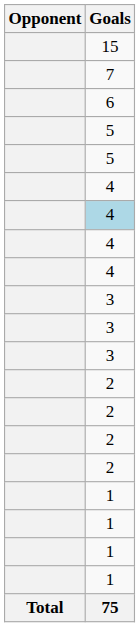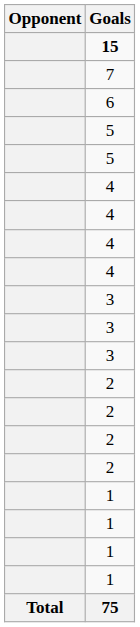 <table class="wikitable plainrowheaders sortable" style="text-align:center; font-size:95%">
 <tr>
 <th scope="col">Opponent</th>
 <th scope="col">Goals</th>
 </tr>
 <tr>
 <th scope="row"></th>
-<td>15</td>
+<td><strong>15</strong></td>
 </tr>
 <tr>
 <th scope="row"></th>
 <td>7</td>
 </tr>
 <tr>
 <th scope="row"></th>
 <td>6</td>
 </tr>
 <tr>
 <th scope="row"></th>
 <td>5</td>
 </tr>
 <tr>
 <th scope="row"></th>
 <td>5</td>
 </tr>
 <tr>
 <th scope="row"></th>
 <td>4</td>
 </tr>
 <tr>
 <th scope="row"></th>
-<td style="background: lightblue;">4</td>
+<td>4</td>
 </tr>
 <tr>
 <th scope="row"></th>
 <td>4</td>
 </tr>
 <tr>
 <th scope="row"></th>
 <td>4</td>
 </tr>
 <tr>
 <th scope="row"></th>
 <td>3</td>
 </tr>
 <tr>
 <th scope="row"></th>
 <td>3</td>
 </tr>
 <tr>
 <th scope="row"></th>
 <td>3</td>
 </tr>
 <tr>
 <th scope="row"></th>
 <td>2</td>
 </tr>
 <tr>
 <th scope="row"></th>
 <td>2</td>
 </tr>
 <tr>
 <th scope="row"></th>
 <td>2</td>
 </tr>
 <tr>
 <th scope="row"></th>
 <td>2</td>
 </tr>
 <tr>
 <th scope="row"></th>
 <td>1</td>
 </tr>
 <tr>
 <th scope="row"></th>
 <td>1</td>
 </tr>
 <tr>
 <th scope="row"></th>
 <td>1</td>
 </tr>
 <tr>
 <th scope="row"></th>
 <td>1</td>
 </tr>
 <tr>
 <th>Total</th>
 <th>75</th>
 </tr>
 </table>
